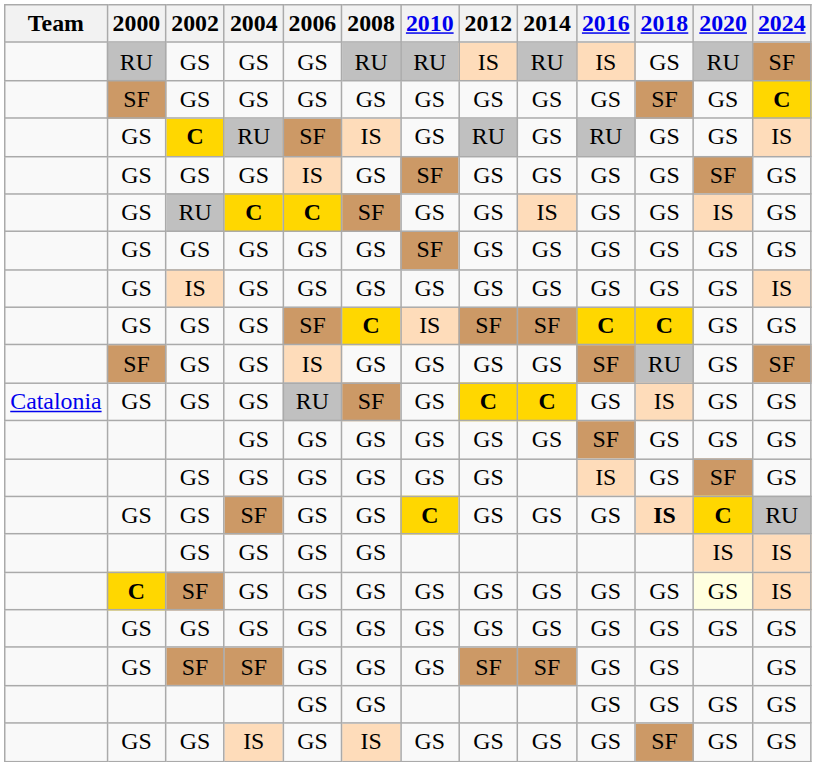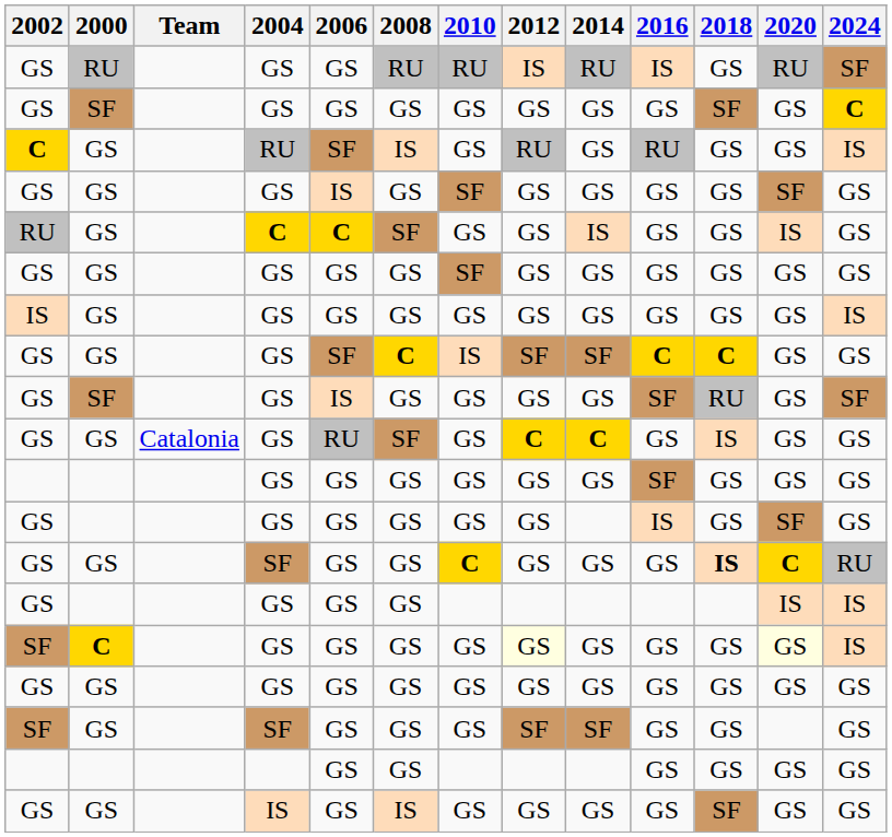 <table class="wikitable" style="text-align:center">
 <tr>
+<th>2002</th>
+<th>2000</th>
 <th>Team</th>
-<th>2000</th>
-<th>2002</th>
 <th>2004</th>
 <th>2006</th>
 <th>2008</th>
 <th><a href='#'>2010</a></th>
 <th>2012</th>
 <th>2014</th>
 <th><a href='#'>2016</a></th>
 <th><a href='#'>2018</a></th>
 <th><a href='#'>2020</a></th>
 <th><a href='#'>2024</a></th>
 </tr>
 <tr>
+<td>GS</td>
+<td bgcolor=silver>RU</td>
 <td align=left></td>
-<td bgcolor=silver>RU</td>
-<td>GS</td>
 <td>GS</td>
 <td>GS</td>
 <td bgcolor=silver>RU</td>
 <td bgcolor=silver>RU</td>
 <td bgcolor=#FEDCBA>IS</td>
 <td bgcolor=silver>RU</td>
 <td bgcolor=#FEDCBA>IS</td>
 <td>GS</td>
 <td bgcolor=silver>RU</td>
 <td bgcolor=#cc9966>SF</td>
 </tr>
 <tr>
+<td>GS</td>
+<td bgcolor=#cc9966>SF</td>
 <td align=left></td>
-<td bgcolor=#cc9966>SF</td>
-<td>GS</td>
 <td>GS</td>
 <td>GS</td>
 <td>GS</td>
 <td>GS</td>
 <td>GS</td>
 <td>GS</td>
 <td>GS</td>
 <td bgcolor=#cc9966>SF</td>
 <td>GS</td>
 <td bgcolor=gold><strong>C</strong></td>
 </tr>
 <tr>
+<td bgcolor=gold><strong>C</strong></td>
+<td>GS</td>
 <td align=left></td>
-<td>GS</td>
-<td bgcolor=gold><strong>C</strong></td>
 <td bgcolor=silver>RU</td>
 <td bgcolor=#cc9966>SF</td>
 <td bgcolor=#FEDCBA>IS</td>
 <td>GS</td>
 <td bgcolor=silver>RU</td>
 <td>GS</td>
 <td bgcolor=silver>RU</td>
 <td>GS</td>
 <td>GS</td>
 <td style="background:#fedcba">IS</td>
 </tr>
 <tr>
-<td align=left></td>
 <td>GS</td>
 <td>GS</td>
+<td align=left></td>
 <td>GS</td>
 <td bgcolor=#FEDCBA>IS</td>
 <td>GS</td>
 <td bgcolor=#cc9966>SF</td>
 <td>GS</td>
 <td>GS</td>
 <td>GS</td>
 <td>GS</td>
 <td bgcolor=#cc9966>SF</td>
 <td>GS</td>
 </tr>
 <tr>
+<td bgcolor=silver>RU</td>
+<td>GS</td>
 <td align=left></td>
-<td>GS</td>
-<td bgcolor=silver>RU</td>
 <td bgcolor=gold><strong>C</strong></td>
 <td bgcolor=gold><strong>C</strong></td>
 <td bgcolor=#cc9966>SF</td>
 <td>GS</td>
 <td>GS</td>
 <td bgcolor=#FEDCBA>IS</td>
 <td>GS</td>
 <td>GS</td>
 <td bgcolor=#FEDCBA>IS</td>
 <td>GS</td>
 </tr>
 <tr>
-<td align=left></td>
 <td>GS</td>
 <td>GS</td>
+<td align=left></td>
 <td>GS</td>
 <td>GS</td>
 <td>GS</td>
 <td bgcolor=#cc9966>SF</td>
 <td>GS</td>
 <td>GS</td>
 <td>GS</td>
 <td>GS</td>
 <td>GS</td>
 <td>GS</td>
 </tr>
 <tr>
+<td bgcolor=#FEDCBA>IS</td>
+<td>GS</td>
 <td align=left></td>
-<td>GS</td>
-<td bgcolor=#FEDCBA>IS</td>
 <td>GS</td>
 <td>GS</td>
 <td>GS</td>
 <td>GS</td>
 <td>GS</td>
 <td>GS</td>
 <td>GS</td>
 <td>GS</td>
 <td>GS</td>
 <td style="background:#fedcba">IS</td>
 </tr>
 <tr>
-<td align=left></td>
 <td>GS</td>
 <td>GS</td>
+<td align=left></td>
 <td>GS</td>
 <td bgcolor=#cc9966>SF</td>
 <td bgcolor=gold><strong>C</strong></td>
 <td bgcolor=#FEDCBA>IS</td>
 <td bgcolor=#cc9966>SF</td>
 <td bgcolor=#cc9966>SF</td>
 <td bgcolor=gold><strong>C</strong></td>
 <td bgcolor=gold><strong>C</strong></td>
 <td>GS</td>
 <td>GS</td>
 </tr>
 <tr>
+<td>GS</td>
+<td bgcolor=#cc9966>SF</td>
 <td align=left></td>
-<td bgcolor=#cc9966>SF</td>
-<td>GS</td>
 <td>GS</td>
 <td bgcolor=#FEDCBA>IS</td>
 <td>GS</td>
 <td>GS</td>
 <td>GS</td>
 <td>GS</td>
 <td bgcolor=#cc9966>SF</td>
 <td bgcolor=silver>RU</td>
 <td>GS</td>
 <td bgcolor=#cc9966>SF</td>
 </tr>
 <tr>
-<td align=left> <a href='#'>Catalonia</a></td>
 <td>GS</td>
 <td>GS</td>
+<td align=left> <a href='#'>Catalonia</a></td>
 <td>GS</td>
 <td bgcolor=silver>RU</td>
 <td bgcolor=#cc9966>SF</td>
 <td>GS</td>
 <td bgcolor=gold><strong>C</strong></td>
 <td bgcolor=gold><strong>C</strong></td>
 <td>GS</td>
 <td bgcolor=#FEDCBA>IS</td>
 <td>GS</td>
 <td>GS</td>
 </tr>
 <tr>
-<td align=left></td>
 <td></td>
 <td></td>
+<td align=left></td>
 <td>GS</td>
 <td>GS</td>
 <td>GS</td>
 <td>GS</td>
 <td>GS</td>
 <td>GS</td>
 <td bgcolor=#cc9966>SF</td>
 <td>GS</td>
 <td>GS</td>
 <td>GS</td>
 </tr>
 <tr>
+<td>GS</td>
+<td></td>
 <td align=left></td>
-<td></td>
-<td>GS</td>
 <td>GS</td>
 <td>GS</td>
 <td>GS</td>
 <td>GS</td>
 <td>GS</td>
 <td></td>
 <td bgcolor=#FEDCBA>IS</td>
 <td>GS</td>
 <td bgcolor=#cc9966>SF</td>
 <td>GS</td>
 </tr>
 <tr>
-<td align=left></td>
 <td>GS</td>
 <td>GS</td>
+<td align=left></td>
 <td bgcolor=#cc9966>SF</td>
 <td>GS</td>
 <td>GS</td>
 <td bgcolor=gold><strong>C</strong></td>
 <td>GS</td>
 <td>GS</td>
 <td>GS</td>
 <td bgcolor=#FEDCBA><strong>IS</strong></td>
 <td bgcolor=gold><strong>C</strong></td>
 <td bgcolor=silver>RU</td>
 </tr>
 <tr>
+<td>GS</td>
+<td></td>
 <td align=left></td>
-<td></td>
-<td>GS</td>
 <td>GS</td>
 <td>GS</td>
 <td>GS</td>
 <td></td>
 <td></td>
 <td></td>
 <td></td>
 <td></td>
 <td bgcolor=#FEDCBA>IS</td>
 <td style="background:#fedcba">IS</td>
 </tr>
 <tr>
+<td bgcolor=#cc9966>SF</td>
+<td bgcolor=gold><strong>C</strong></td>
 <td align=left></td>
-<td bgcolor=gold><strong>C</strong></td>
-<td bgcolor=#cc9966>SF</td>
 <td>GS</td>
 <td>GS</td>
 <td>GS</td>
 <td>GS</td>
-<td>GS</td>
+<td style="background: lightyellow;">GS</td>
 <td>GS</td>
 <td>GS</td>
 <td>GS</td>
 <td style="background: lightyellow;">GS</td>
 <td style="background:#fedcba">IS</td>
 </tr>
 <tr>
-<td align=left></td>
 <td>GS</td>
 <td>GS</td>
+<td align=left></td>
 <td>GS</td>
 <td>GS</td>
 <td>GS</td>
 <td>GS</td>
 <td>GS</td>
 <td>GS</td>
 <td>GS</td>
 <td>GS</td>
 <td>GS</td>
 <td>GS</td>
 </tr>
 <tr>
+<td bgcolor=#cc9966>SF</td>
+<td>GS</td>
 <td align=left></td>
-<td>GS</td>
-<td bgcolor=#cc9966>SF</td>
 <td bgcolor=#cc9966>SF</td>
 <td>GS</td>
 <td>GS</td>
 <td>GS</td>
 <td bgcolor=#cc9966>SF</td>
 <td bgcolor=#cc9966>SF</td>
 <td>GS</td>
 <td>GS</td>
 <td></td>
 <td>GS</td>
 </tr>
 <tr>
-<td align=left></td>
 <td></td>
 <td></td>
+<td align=left></td>
 <td></td>
 <td>GS</td>
 <td>GS</td>
 <td></td>
 <td></td>
 <td></td>
 <td>GS</td>
 <td>GS</td>
 <td>GS</td>
 <td>GS</td>
 </tr>
 <tr>
-<td align=left></td>
 <td>GS</td>
 <td>GS</td>
+<td align=left></td>
 <td bgcolor=#FEDCBA>IS</td>
 <td>GS</td>
 <td bgcolor=#FEDCBA>IS</td>
 <td>GS</td>
 <td>GS</td>
 <td>GS</td>
 <td>GS</td>
 <td bgcolor=#cc9966>SF</td>
 <td>GS</td>
 <td>GS</td>
 </tr>
 </table>
